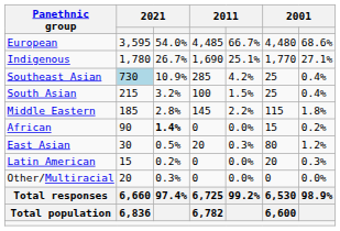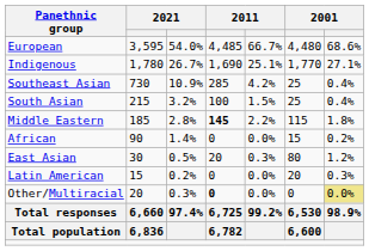 <table class="wikitable collapsible sortable">
 <tr>
 <th rowspan="2"><a href='#'>Panethnic</a><br>group</th>
 <th colspan="2">2021</th>
 <th colspan="2">2011</th>
 <th colspan="2">2001</th>
 </tr>
 <tr>
 <th><a href='#'></a></th>
 <th></th>
 <th></th>
 <th></th>
 <th></th>
 <th></th>
 </tr>
 <tr>
 <td><a href='#'>European</a></td>
 <td>3,595</td>
 <td>54.0%</td>
 <td>4,485</td>
 <td>66.7%</td>
 <td>4,480</td>
 <td>68.6%</td>
 </tr>
 <tr>
 <td><a href='#'>Indigenous</a></td>
 <td>1,780</td>
 <td>26.7%</td>
 <td>1,690</td>
 <td>25.1%</td>
 <td>1,770</td>
 <td>27.1%</td>
 </tr>
 <tr>
 <td><a href='#'>Southeast Asian</a></td>
-<td style="background: lightblue;">730</td>
+<td>730</td>
 <td>10.9%</td>
 <td>285</td>
 <td>4.2%</td>
 <td>25</td>
 <td>0.4%</td>
 </tr>
 <tr>
 <td><a href='#'>South Asian</a></td>
 <td>215</td>
 <td>3.2%</td>
 <td>100</td>
 <td>1.5%</td>
 <td>25</td>
 <td>0.4%</td>
 </tr>
 <tr>
 <td><a href='#'>Middle Eastern</a></td>
 <td>185</td>
 <td>2.8%</td>
-<td>145</td>
+<td><strong>145</strong></td>
 <td>2.2%</td>
 <td>115</td>
 <td>1.8%</td>
 </tr>
 <tr>
 <td><a href='#'>African</a></td>
 <td>90</td>
-<td><strong>1.4%</strong></td>
+<td>1.4%</td>
 <td>0</td>
 <td>0.0%</td>
 <td>15</td>
 <td>0.2%</td>
 </tr>
 <tr>
 <td><a href='#'>East Asian</a></td>
 <td>30</td>
 <td>0.5%</td>
 <td>20</td>
 <td>0.3%</td>
 <td>80</td>
 <td>1.2%</td>
 </tr>
 <tr>
 <td><a href='#'>Latin American</a></td>
 <td>15</td>
 <td>0.2%</td>
 <td>0</td>
 <td>0.0%</td>
 <td>20</td>
 <td>0.3%</td>
 </tr>
 <tr>
 <td>Other/<a href='#'>Multiracial</a></td>
 <td>20</td>
 <td>0.3%</td>
-<td>0</td>
+<td><strong>0</strong></td>
 <td>0.0%</td>
 <td>0</td>
-<td>0.0%</td>
+<td style="background: khaki;">0.0%</td>
 </tr>
 <tr>
 <th>Total responses</th>
 <th>6,660</th>
 <th>97.4%</th>
 <th>6,725</th>
 <th>99.2%</th>
 <th>6,530</th>
 <th>98.9%</th>
 </tr>
 <tr>
 <th>Total population</th>
 <th>6,836</th>
 <th></th>
 <th>6,782</th>
 <th></th>
 <th>6,600</th>
 <th></th>
 </tr>
 <tr class="sortbottom">
 <td colspan="10"></td>
 </tr>
 </table>
